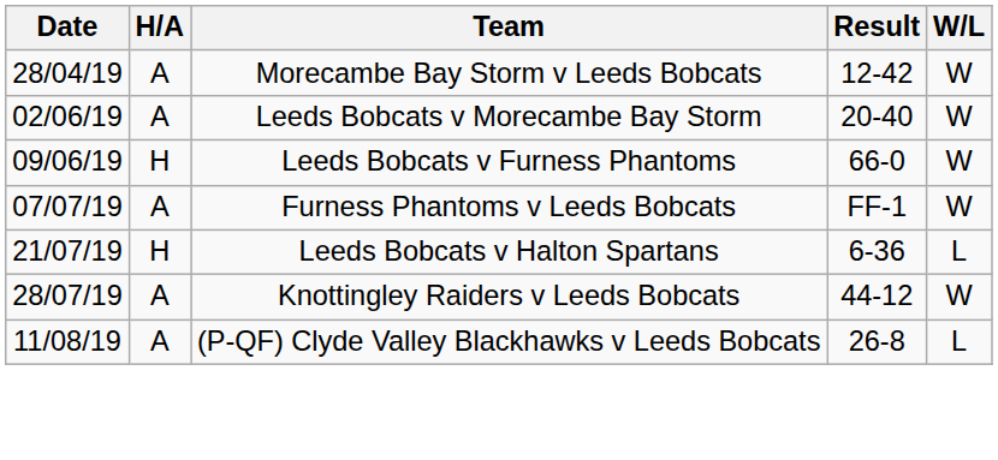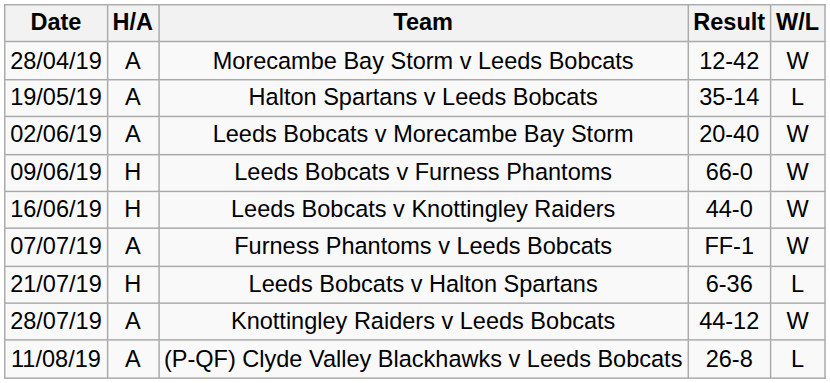 <table class="wikitable" style="text-align: center;">
 <tr>
 <th>Date</th>
 <th>H/A</th>
 <th>Team</th>
 <th>Result</th>
 <th>W/L</th>
 </tr>
 <tr>
 <td>28/04/19</td>
 <td>A</td>
 <td>Morecambe Bay Storm v Leeds Bobcats</td>
 <td>12-42</td>
 <td>W</td>
 </tr>
 <tr>
+<td>19/05/19</td>
+<td>A</td>
+<td>Halton Spartans v Leeds Bobcats</td>
+<td>35-14</td>
+<td>L</td>
+</tr>
+<tr>
 <td>02/06/19</td>
 <td>A</td>
 <td>Leeds Bobcats v Morecambe Bay Storm</td>
 <td>20-40</td>
 <td>W</td>
 </tr>
 <tr>
 <td>09/06/19</td>
 <td>H</td>
 <td>Leeds Bobcats v Furness Phantoms</td>
 <td>66-0</td>
+<td>W</td>
+</tr>
+<tr>
+<td>16/06/19</td>
+<td>H</td>
+<td>Leeds Bobcats v Knottingley Raiders</td>
+<td>44-0</td>
 <td>W</td>
 </tr>
 <tr>
 <td>07/07/19</td>
 <td>A</td>
 <td>Furness Phantoms v Leeds Bobcats</td>
 <td>FF-1</td>
 <td>W</td>
 </tr>
 <tr>
 <td>21/07/19</td>
 <td>H</td>
 <td>Leeds Bobcats v Halton Spartans</td>
 <td>6-36</td>
 <td>L</td>
 </tr>
 <tr>
 <td>28/07/19</td>
 <td>A</td>
 <td>Knottingley Raiders v Leeds Bobcats</td>
 <td>44-12</td>
 <td>W</td>
 </tr>
 <tr>
 <td>11/08/19</td>
 <td>A</td>
 <td>(P-QF) Clyde Valley Blackhawks v Leeds Bobcats</td>
 <td>26-8</td>
 <td>L</td>
 </tr>
 </table>
